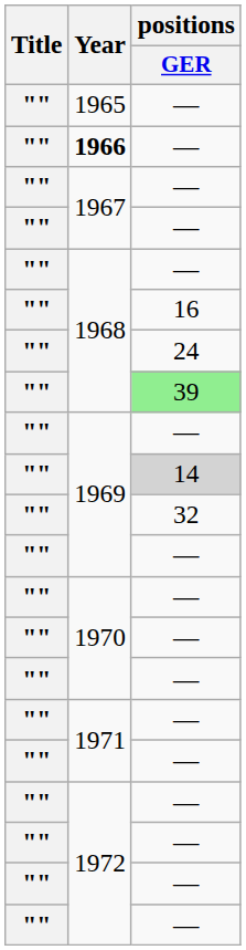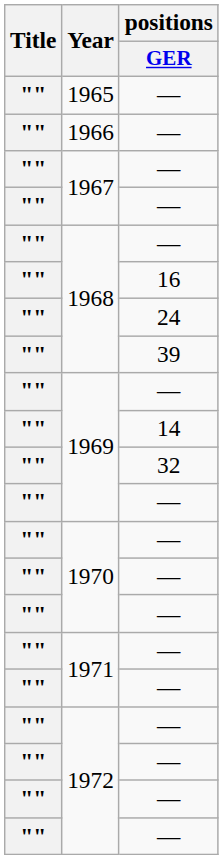 <table class="wikitable plainrowheaders" style="text-align:center;">
 <tr>
 <th scope="col" rowspan="2">Title</th>
 <th scope="col" rowspan="2">Year</th>
 <th scope="col"> positions<br></th>
 </tr>
 <tr>
 <th scope="col" style="width:2.5em;font-size:90%;"><a href='#'>GER</a></th>
 </tr>
 <tr>
 <th scope="row">""</th>
 <td>1965</td>
 <td>—</td>
 </tr>
 <tr>
 <th scope="row">""</th>
-<td><strong>1966</strong></td>
+<td>1966</td>
 <td>—</td>
 </tr>
 <tr>
 <th scope="row">""</th>
 <td rowspan="2">1967</td>
 <td>—</td>
 </tr>
 <tr>
 <th scope="row">""</th>
 <td>—</td>
 </tr>
 <tr>
 <th scope="row">""</th>
 <td rowspan="4">1968</td>
 <td>—</td>
 </tr>
 <tr>
 <th scope="row">""</th>
 <td>16</td>
 </tr>
 <tr>
 <th scope="row">""</th>
 <td>24</td>
 </tr>
 <tr>
 <th scope="row">""</th>
-<td style="background: lightgreen;">39</td>
+<td>39</td>
 </tr>
 <tr>
 <th scope="row">""</th>
 <td rowspan="4">1969</td>
 <td>—</td>
 </tr>
 <tr>
 <th scope="row">""</th>
-<td style="background: lightgrey;">14</td>
+<td>14</td>
 </tr>
 <tr>
 <th scope="row">""</th>
 <td>32</td>
 </tr>
 <tr>
 <th scope="row">""</th>
 <td>—</td>
 </tr>
 <tr>
 <th scope="row">""</th>
 <td rowspan="3">1970</td>
 <td>—</td>
 </tr>
 <tr>
 <th scope="row">""</th>
 <td>—</td>
 </tr>
 <tr>
 <th scope="row">""</th>
 <td>—</td>
 </tr>
 <tr>
 <th scope="row">""</th>
 <td rowspan="2">1971</td>
 <td>—</td>
 </tr>
 <tr>
 <th scope="row">""</th>
 <td>—</td>
 </tr>
 <tr>
 <th scope="row">""</th>
 <td rowspan="4">1972</td>
 <td>—</td>
 </tr>
 <tr>
 <th scope="row">""</th>
 <td>—</td>
 </tr>
 <tr>
 <th scope="row">""</th>
 <td>—</td>
 </tr>
 <tr>
 <th scope="row">""</th>
 <td>—</td>
 </tr>
 </table>
